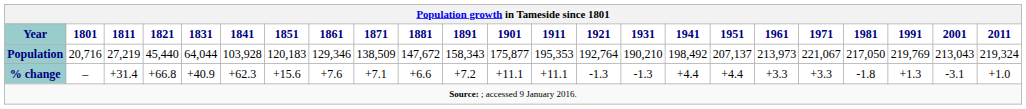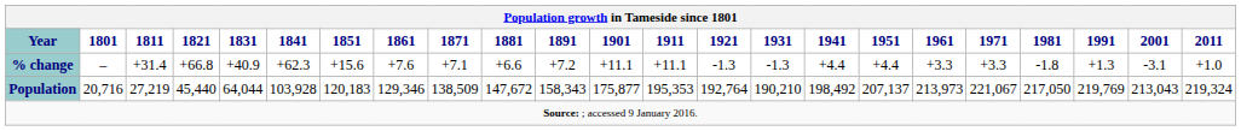 <table class="wikitable" style="border:0px;text-align:center;line-height:120%;">
 <tr>
 <th colspan="23" style="text-align:center;font-size:90%;"><a href='#'>Population growth</a> in Tameside since 1801</th>
 </tr>
 <tr>
 <th style="background: #99CCCC; color: #000080" height="17">Year</th>
 <th style="background: #FFFFFF; color:#000080;">1801</th>
 <th style="background: #FFFFFF; color:#000080;">1811</th>
 <th style="background: #FFFFFF; color:#000080;">1821</th>
 <th style="background: #FFFFFF; color:#000080;">1831</th>
 <th style="background: #FFFFFF; color:#000080;">1841</th>
 <th style="background: #FFFFFF; color:#000080;">1851</th>
 <th style="background: #FFFFFF; color:#000080;">1861</th>
 <th style="background: #FFFFFF; color:#000080;">1871</th>
 <th style="background: #FFFFFF; color:#000080;">1881</th>
 <th style="background: #FFFFFF; color:#000080;">1891</th>
 <th style="background: #FFFFFF; color:#000080;">1901</th>
 <th style="background: #FFFFFF; color:#000080;">1911</th>
 <th style="background: #FFFFFF; color:#000080;">1921</th>
 <th style="background: #FFFFFF; color:#000080;">1931</th>
 <th style="background: #FFFFFF; color:#000080;">1941</th>
 <th style="background: #FFFFFF; color:#000080;">1951</th>
 <th style="background: #FFFFFF; color:#000080;">1961</th>
 <th style="background: #FFFFFF; color:#000080;">1971</th>
 <th style="background: #FFFFFF; color:#000080;">1981</th>
 <th style="background: #FFFFFF; color:#000080;">1991</th>
 <th style="background: #FFFFFF; color:#000080;">2001</th>
 <th style="background: #FFFFFF; color:#000080;">2011</th>
 </tr>
 <tr Align="center">
+<th style="background: #99CCCC; color: #000080" height="17">% change</th>
+<td style="background: #FFFFFF; color: black;">–</td>
+<td style="background: #FFFFFF; color: black;">+31.4</td>
+<td style="background: #FFFFFF; color: black;">+66.8</td>
+<td style="background: #FFFFFF; color: black;">+40.9</td>
+<td style="background: #FFFFFF; color: black;">+62.3</td>
+<td style="background: #FFFFFF; color: black;">+15.6</td>
+<td style="background: #FFFFFF; color: black;">+7.6</td>
+<td style="background: #FFFFFF; color: black;">+7.1</td>
+<td style="background: #FFFFFF; color: black;">+6.6</td>
+<td style="background: #FFFFFF; color: black;">+7.2</td>
+<td style="background: #FFFFFF; color: black;">+11.1</td>
+<td style="background: #FFFFFF; color: black;">+11.1</td>
+<td style="background: #FFFFFF; color: black;">-1.3</td>
+<td style="background: #FFFFFF; color: black;">-1.3</td>
+<td style="background: #FFFFFF; color: black;">+4.4</td>
+<td style="background: #FFFFFF; color: black;">+4.4</td>
+<td style="background: #FFFFFF; color: black;">+3.3</td>
+<td style="background: #FFFFFF; color: black;">+3.3</td>
+<td style="background: #FFFFFF; color: black;">-1.8</td>
+<td style="background: #FFFFFF; color: black;">+1.3</td>
+<td style="background: #FFFFFF; color: black;">-3.1</td>
+<td style="background: #FFFFFF; color: black;">+1.0</td>
+</tr>
+<tr Align="center">
 <th style="background: #99CCCC; color: #000080" height="17">Population</th>
 <td style="background: #FFFFFF; color: black;">20,716</td>
 <td style="background: #FFFFFF; color: black;">27,219</td>
 <td style="background: #FFFFFF; color: black;">45,440</td>
 <td style="background: #FFFFFF; color: black;">64,044</td>
 <td style="background: #FFFFFF; color: black;">103,928</td>
 <td style="background: #FFFFFF; color: black;">120,183</td>
 <td style="background: #FFFFFF; color: black;">129,346</td>
 <td style="background: #FFFFFF; color: black;">138,509</td>
 <td style="background: #FFFFFF; color: black;">147,672</td>
 <td style="background: #FFFFFF; color: black;">158,343</td>
 <td style="background: #FFFFFF; color: black;">175,877</td>
 <td style="background: #FFFFFF; color: black;">195,353</td>
 <td style="background: #FFFFFF; color: black;">192,764</td>
 <td style="background: #FFFFFF; color: black;">190,210</td>
 <td style="background: #FFFFFF; color: black;">198,492</td>
 <td style="background: #FFFFFF; color: black;">207,137</td>
 <td style="background: #FFFFFF; color: black;">213,973</td>
 <td style="background: #FFFFFF; color: black;">221,067</td>
 <td style="background: #FFFFFF; color: black;">217,050</td>
 <td style="background: #FFFFFF; color: black;">219,769</td>
 <td style="background: #FFFFFF; color: black;">213,043</td>
 <td style="background: #FFFFFF; color: black;">219,324</td>
 </tr>
-<tr Align="center">
-<th style="background: #99CCCC; color: #000080" height="17">% change</th>
-<td style="background: #FFFFFF; color: black;">–</td>
-<td style="background: #FFFFFF; color: black;">+31.4</td>
-<td style="background: #FFFFFF; color: black;">+66.8</td>
-<td style="background: #FFFFFF; color: black;">+40.9</td>
-<td style="background: #FFFFFF; color: black;">+62.3</td>
-<td style="background: #FFFFFF; color: black;">+15.6</td>
-<td style="background: #FFFFFF; color: black;">+7.6</td>
-<td style="background: #FFFFFF; color: black;">+7.1</td>
-<td style="background: #FFFFFF; color: black;">+6.6</td>
-<td style="background: #FFFFFF; color: black;">+7.2</td>
-<td style="background: #FFFFFF; color: black;">+11.1</td>
-<td style="background: #FFFFFF; color: black;">+11.1</td>
-<td style="background: #FFFFFF; color: black;">-1.3</td>
-<td style="background: #FFFFFF; color: black;">-1.3</td>
-<td style="background: #FFFFFF; color: black;">+4.4</td>
-<td style="background: #FFFFFF; color: black;">+4.4</td>
-<td style="background: #FFFFFF; color: black;">+3.3</td>
-<td style="background: #FFFFFF; color: black;">+3.3</td>
-<td style="background: #FFFFFF; color: black;">-1.8</td>
-<td style="background: #FFFFFF; color: black;">+1.3</td>
-<td style="background: #FFFFFF; color: black;">-3.1</td>
-<td style="background: #FFFFFF; color: black;">+1.0</td>
-</tr>
 <tr>
 <td colspan="23" style="text-align:center;font-size:90%;"><small><strong>Source: </strong>; accessed 9 January 2016.</small></td>
 </tr>
 </table>
